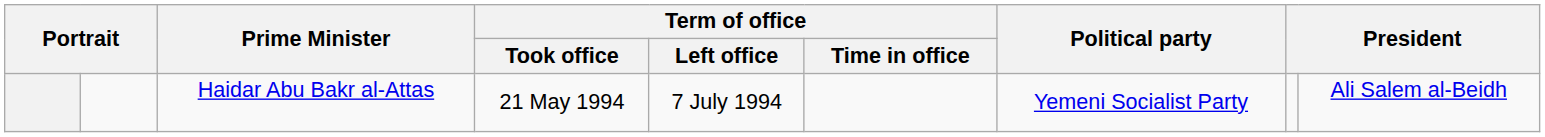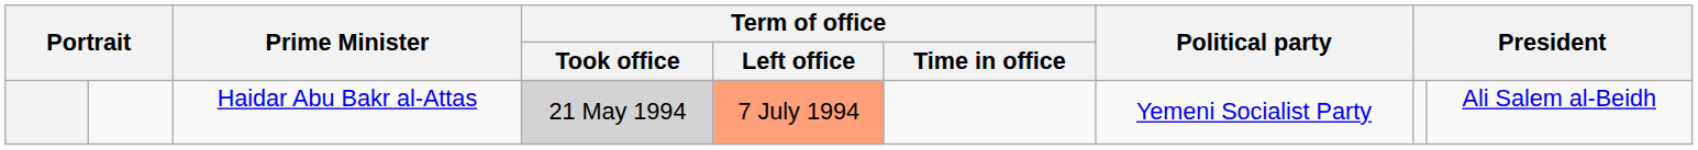 <table class="wikitable" style="text-align:center; border:1px #aaf solid; width:90%;">
 <tr>
 <th rowspan="2" colspan="2" width="80px">Portrait</th>
 <th rowspan="2">Prime Minister<br></th>
 <th colspan="3">Term of office</th>
 <th rowspan="2">Political party</th>
 <th rowspan="2" colspan="2">President<br></th>
 </tr>
 <tr>
 <th>Took office</th>
 <th>Left office</th>
 <th>Time in office</th>
 </tr>
 <tr>
 <th style="background:"></th>
 <td></td>
 <td><a href='#'>Haidar Abu Bakr al-Attas</a><br><br></td>
-<td>21 May 1994</td>
-<td>7 July 1994</td>
+<td style="background: lightgrey;">21 May 1994</td>
+<td style="background: lightsalmon;">7 July 1994</td>
 <td></td>
 <td><a href='#'>Yemeni Socialist Party</a></td>
 <td style="background:"></td>
 <td><a href='#'>Ali Salem al-Beidh</a><br><br></td>
 </tr>
 </table>
